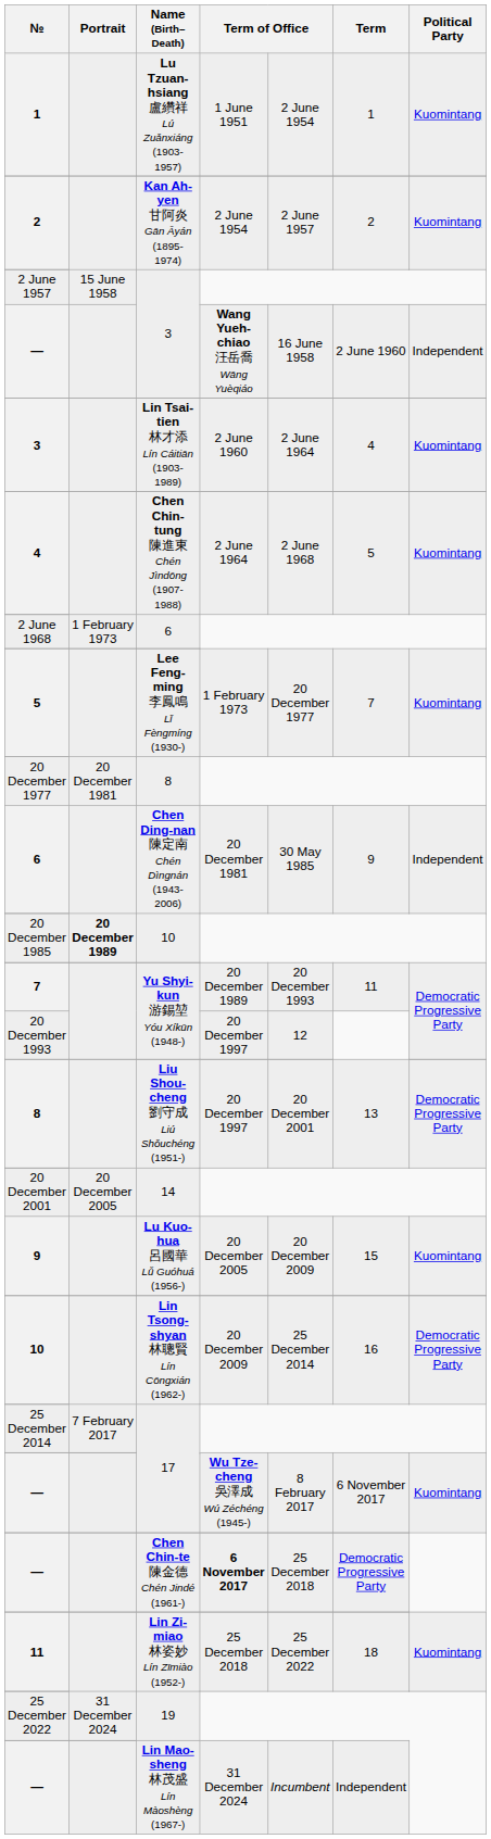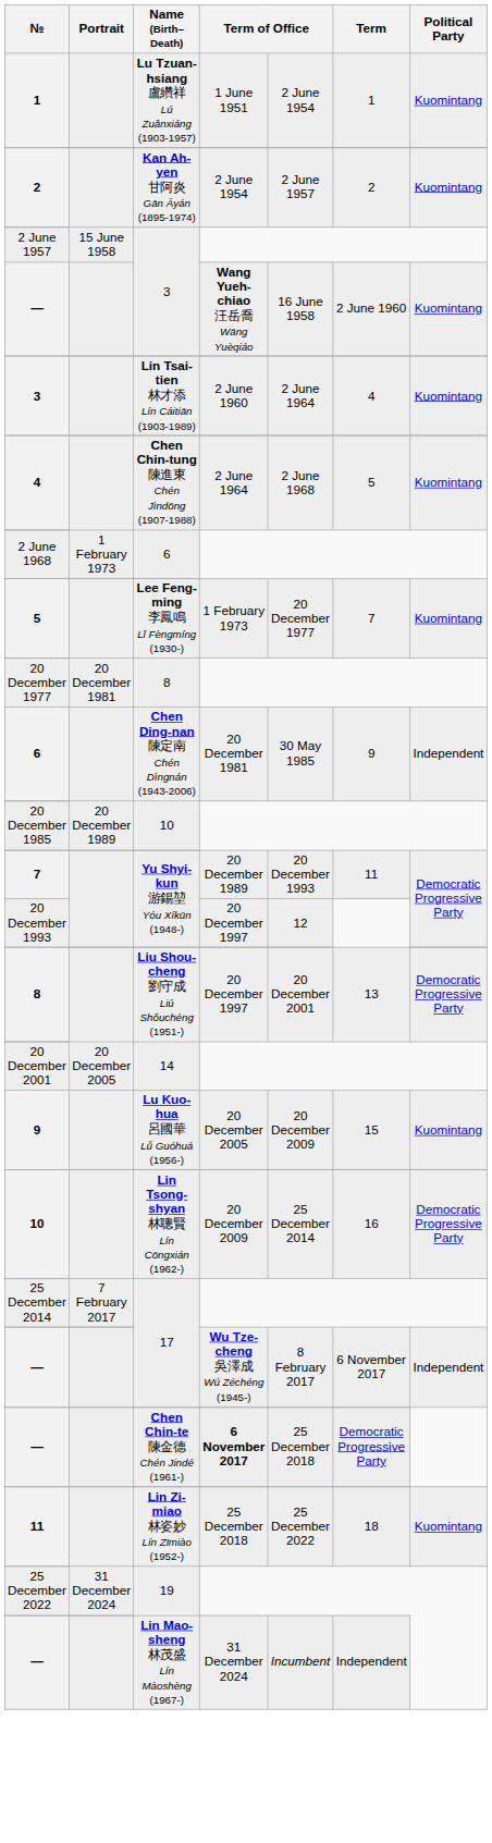 <table class="wikitable" style="text-align:center">
 <tr ->
 <th>№</th>
 <th>Portrait</th>
 <th width="150">Name<br><small>(Birth–Death)</small></th>
 <th colspan=2 width="300">Term of Office</th>
 <th width="50">Term</th>
 <th width = "100">Political Party</th>
 </tr>
 <tr - bgcolor=#EEEEEE>
 <th style="background:">1</th>
 <td></td>
 <td><strong>Lu Tzuan-hsiang</strong><br><span>盧纘祥 </span><br><small><em>Lú Zuǎnxiáng </em><br>(1903-1957)</small></td>
 <td>1 June 1951</td>
 <td>2 June 1954</td>
 <td>1</td>
 <td><a href='#'>Kuomintang</a></td>
 </tr>
 <tr ->
 </tr>
 <tr - bgcolor=#EEEEEE>
 <th style="background:">2</th>
 <td rowspan=2></td>
 <td rowspan=2><strong><a href='#'>Kan Ah-yen</a></strong><br><span>甘阿炎 </span><br><small><em>Gān Āyán </em><br>(1895-1974)</small></td>
 <td>2 June 1954</td>
 <td>2 June 1957</td>
 <td>2</td>
 <td rowspan=2><a href='#'>Kuomintang</a></td>
 </tr>
 <tr ->
 </tr>
 <tr - bgcolor=#EEEEEE>
 <td>2 June 1957</td>
 <td>15 June 1958</td>
 <td rowspan=2>3</td>
 </tr>
 <tr - bgcolor=#EEEEEE>
 <th style="background:">—</th>
 <td></td>
 <td><strong>Wang Yueh-chiao</strong><br><span>汪岳喬 </span><br><small><em>Wāng Yuèqiáo </em><br></small></td>
 <td>16 June 1958</td>
 <td>2 June 1960</td>
-<td>Independent</td>
+<td><a href='#'>Kuomintang</a></td>
 </tr>
 <tr ->
 </tr>
 <tr ->
 </tr>
 <tr - bgcolor=#EEEEEE>
 <th style="background:">3</th>
 <td></td>
 <td><strong>Lin Tsai-tien</strong><br><span>林才添 </span><br><small><em>Lín Cáitiān </em><br>(1903-1989)</small></td>
 <td>2 June 1960</td>
 <td>2 June 1964</td>
 <td>4</td>
 <td><a href='#'>Kuomintang</a></td>
 </tr>
 <tr ->
 </tr>
 <tr - bgcolor=#EEEEEE>
 <th style="background:">4</th>
 <td rowspan=2></td>
 <td rowspan=2><strong>Chen Chin-tung</strong><br><span>陳進東 </span><br><small><em>Chén Jìndōng </em><br>(1907-1988)</small></td>
 <td>2 June 1964</td>
 <td>2 June 1968</td>
 <td>5</td>
 <td rowspan=2><a href='#'>Kuomintang</a></td>
 </tr>
 <tr ->
 </tr>
 <tr - bgcolor=#EEEEEE>
 <td>2 June 1968</td>
 <td>1 February 1973</td>
 <td>6</td>
 </tr>
 <tr ->
 </tr>
 <tr - bgcolor=#EEEEEE>
 <th style="background:">5</th>
 <td rowspan=2></td>
 <td rowspan=2><strong>Lee Feng-ming</strong><br><span>李鳳鳴 </span><br><small><em>Lǐ Fèngmíng </em><br>(1930-)</small></td>
 <td>1 February 1973</td>
 <td>20 December 1977</td>
 <td>7</td>
 <td rowspan=2><a href='#'>Kuomintang</a></td>
 </tr>
 <tr ->
 </tr>
 <tr - bgcolor=#EEEEEE>
 <td>20 December 1977</td>
 <td>20 December 1981</td>
 <td>8</td>
 </tr>
 <tr - bgcolor=#EEEEEE>
 <th style="background:">6</th>
 <td rowspan=2></td>
 <td rowspan=2><strong><a href='#'>Chen Ding-nan</a></strong><br><span>陳定南 </span><br><small><em>Chén Dìngnán </em><br>(1943-2006)</small></td>
 <td>20 December 1981</td>
 <td>30 May 1985</td>
 <td>9</td>
 <td rowspan=2>Independent</td>
 </tr>
 <tr ->
 </tr>
 <tr - bgcolor=#EEEEEE>
 <td>20 December 1985</td>
-<td><strong>20 December 1989</strong></td>
+<td>20 December 1989</td>
 <td>10</td>
 </tr>
 <tr ->
 </tr>
 <tr - bgcolor=#EEEEEE>
 <th style="background:">7</th>
 <td rowspan=2></td>
 <td rowspan=2><strong><a href='#'>Yu Shyi-kun</a></strong><br><span>游錫堃 </span><br><small><em>Yóu Xíkūn </em><br>(1948-)</small></td>
 <td>20 December 1989</td>
 <td>20 December 1993</td>
 <td>11</td>
 <td rowspan=2><a href='#'>Democratic Progressive Party</a></td>
 </tr>
 <tr - bgcolor=#EEEEEE>
 <td>20 December 1993</td>
 <td>20 December 1997</td>
 <td>12</td>
 </tr>
 <tr ->
 </tr>
 <tr - bgcolor=#EEEEEE>
 <th style="background:">8</th>
 <td rowspan=2></td>
 <td rowspan=2><strong><a href='#'>Liu Shou-cheng</a></strong><br><span>劉守成 </span><br><small><em>Liú Shǒuchéng </em><br>(1951-)</small></td>
 <td>20 December 1997</td>
 <td>20 December 2001</td>
 <td>13</td>
 <td rowspan=2><a href='#'>Democratic Progressive Party</a></td>
 </tr>
 <tr ->
 </tr>
 <tr - bgcolor=#EEEEEE>
 <td>20 December 2001</td>
 <td>20 December 2005</td>
 <td>14</td>
 </tr>
 <tr - bgcolor=#EEEEEE>
 <th style="background:">9</th>
 <td></td>
 <td><strong><a href='#'>Lu Kuo-hua</a></strong><br><span>呂國華 </span><br><small><em>Lǚ Guóhuá </em><br>(1956-)</small></td>
 <td>20 December 2005</td>
 <td>20 December 2009</td>
 <td>15</td>
 <td><a href='#'>Kuomintang</a></td>
 </tr>
 <tr ->
 </tr>
 <tr - bgcolor=#EEEEEE>
 <th style="background:">10</th>
 <td rowspan=2></td>
 <td rowspan=2><strong><a href='#'>Lin Tsong-shyan</a></strong><br><span>林聰賢 </span><br><small><em>Lín Cōngxián </em><br>(1962-)</small></td>
 <td>20 December 2009</td>
 <td>25 December 2014</td>
 <td>16</td>
 <td rowspan=2><a href='#'>Democratic Progressive Party</a></td>
 </tr>
 <tr ->
 </tr>
 <tr - bgcolor=#EEEEEE>
 <td>25 December 2014</td>
 <td>7 February 2017</td>
 <td rowspan=3>17</td>
 </tr>
 <tr>
 </tr>
 <tr - bgcolor=#EEEEEE>
 <th style="background:">—</th>
 <td></td>
 <td><strong><a href='#'>Wu Tze-cheng</a></strong><br><span>吳澤成 </span><br><small><em>Wú Zéchéng </em><br>(1945-)</small></td>
 <td>8 February 2017</td>
 <td>6 November 2017</td>
-<td><a href='#'>Kuomintang</a></td>
+<td>Independent</td>
 </tr>
 <tr ->
 </tr>
 <tr - bgcolor=#EEEEEE>
 <th style="background:">—</th>
 <td></td>
 <td><strong><a href='#'>Chen Chin-te</a></strong><br><span>陳金德 </span><br><small><em>Chén Jindé </em><br>(1961-)</small></td>
 <td><strong>6 November 2017</strong></td>
 <td>25 December 2018</td>
 <td><a href='#'>Democratic Progressive Party</a></td>
 </tr>
 <tr ->
 </tr>
 <tr - bgcolor=#EEEEEE>
 <th style="background:">11</th>
 <td rowspan=2></td>
 <td rowspan=2><strong><a href='#'>Lin Zi-miao</a></strong><br><span>林姿妙</span><br><small><em>Lín Zīmiào</em><br>(1952-)</small></td>
 <td>25 December 2018</td>
 <td>25 December 2022</td>
 <td>18</td>
 <td rowspan=2><a href='#'>Kuomintang</a></td>
 </tr>
 <tr ->
 </tr>
 <tr - bgcolor=#EEEEEE>
 <td>25 December 2022</td>
 <td>31 December 2024</td>
 <td rowspan=2>19</td>
 </tr>
 <tr>
 </tr>
 <tr - bgcolor=#EEEEEE>
 <th style="background:">—</th>
 <td></td>
 <td><strong><a href='#'>Lin Mao-sheng</a></strong><br><span>林茂盛 </span><br><small><em>Lín Màoshèng </em><br>(1967-)</small></td>
 <td>31 December 2024</td>
 <td><em>Incumbent</td>
 <td>Independent</td>
 </tr>
 </table>
